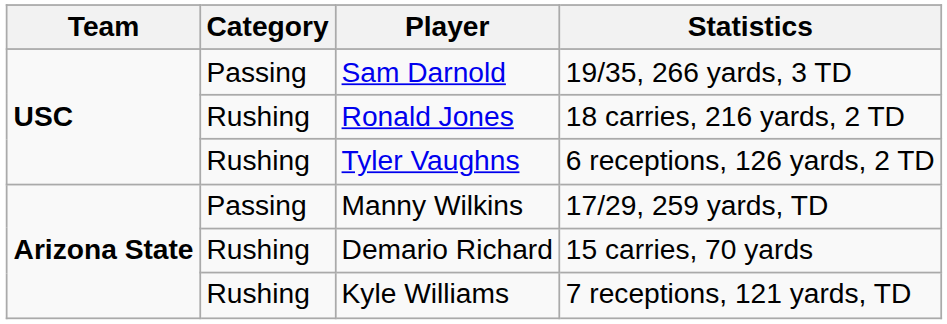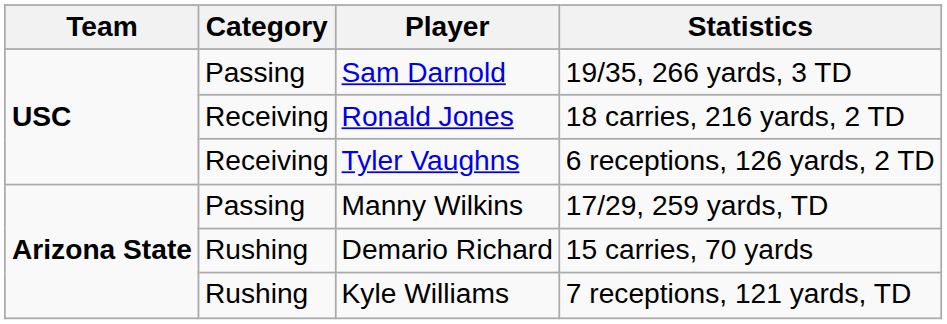 <table class="wikitable" style="float: right;">
 <tr>
 <th>Team</th>
 <th>Category</th>
 <th>Player</th>
 <th>Statistics</th>
 </tr>
 <tr>
 <td rowspan=3><strong>USC</strong></td>
 <td>Passing</td>
 <td><a href='#'>Sam Darnold</a></td>
 <td>19/35, 266 yards, 3 TD</td>
 </tr>
 <tr>
-<td>Rushing</td>
+<td>Receiving</td>
 <td><a href='#'>Ronald Jones</a></td>
 <td>18 carries, 216 yards, 2 TD</td>
 </tr>
 <tr>
-<td>Rushing</td>
+<td>Receiving</td>
 <td><a href='#'>Tyler Vaughns</a></td>
 <td>6 receptions, 126 yards, 2 TD</td>
 </tr>
 <tr>
 <td rowspan=3><strong>Arizona State</strong></td>
 <td>Passing</td>
 <td>Manny Wilkins</td>
 <td>17/29, 259 yards, TD</td>
 </tr>
 <tr>
 <td>Rushing</td>
 <td>Demario Richard</td>
 <td>15 carries, 70 yards</td>
 </tr>
 <tr>
 <td>Rushing</td>
 <td>Kyle Williams</td>
 <td>7 receptions, 121 yards, TD</td>
 </tr>
 </table>
